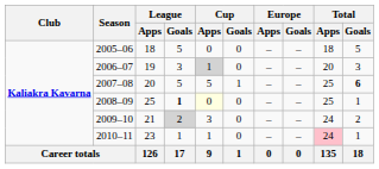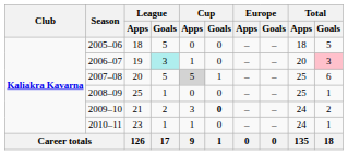 <table class="wikitable" style="font-size:90%; text-align: center;">
 <tr>
 <th rowspan="2">Club</th>
 <th rowspan="2">Season</th>
 <th colspan="2">League</th>
 <th colspan="2">Cup</th>
 <th colspan="2">Europe</th>
 <th colspan="2">Total</th>
 </tr>
 <tr>
 <th>Apps</th>
 <th>Goals</th>
 <th>Apps</th>
 <th>Goals</th>
 <th>Apps</th>
 <th>Goals</th>
 <th>Apps</th>
 <th>Goals</th>
 </tr>
 <tr>
 <td rowspan="6" valign="center"><strong><a href='#'>Kaliakra Kavarna</a></strong></td>
 <td>2005–06</td>
 <td>18</td>
 <td>5</td>
 <td>0</td>
 <td>0</td>
 <td>–</td>
 <td>–</td>
 <td>18</td>
 <td>5</td>
 </tr>
 <tr>
 <td>2006–07</td>
 <td>19</td>
-<td>3</td>
-<td style="background: lightgrey;">1</td>
+<td style="background: paleturquoise;">3</td>
+<td>1</td>
 <td>0</td>
 <td>–</td>
 <td>–</td>
 <td>20</td>
-<td>3</td>
+<td style="background: pink;">3</td>
 </tr>
 <tr>
 <td>2007–08</td>
 <td>20</td>
 <td>5</td>
-<td>5</td>
+<td style="background: lightgrey;">5</td>
 <td>1</td>
 <td>–</td>
 <td>–</td>
 <td>25</td>
-<td><strong>6</strong></td>
+<td>6</td>
 </tr>
 <tr>
 <td>2008–09</td>
 <td>25</td>
-<td><strong>1</strong></td>
-<td style="background: lightyellow;">0</td>
+<td>1</td>
+<td>0</td>
 <td>0</td>
 <td>–</td>
 <td>–</td>
 <td>25</td>
 <td>1</td>
 </tr>
 <tr>
 <td>2009–10</td>
 <td>21</td>
-<td style="background: lightgrey;">2</td>
+<td>2</td>
 <td>3</td>
-<td>0</td>
+<td><strong>0</strong></td>
 <td>–</td>
 <td>–</td>
 <td>24</td>
 <td>2</td>
 </tr>
 <tr>
 <td>2010–11</td>
 <td>23</td>
 <td>1</td>
 <td>1</td>
 <td>0</td>
 <td>–</td>
 <td>–</td>
-<td style="background: pink;">24</td>
+<td>24</td>
 <td>1</td>
 </tr>
 <tr>
 <th colspan="2">Career totals</th>
 <th>126</th>
 <th>17</th>
 <th>9</th>
 <th>1</th>
 <th>0</th>
 <th>0</th>
 <th>135</th>
 <th>18</th>
 </tr>
 </table>
